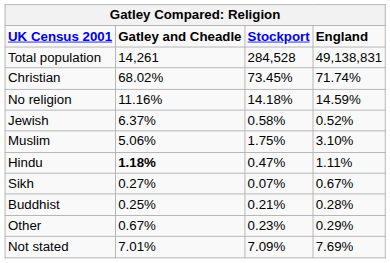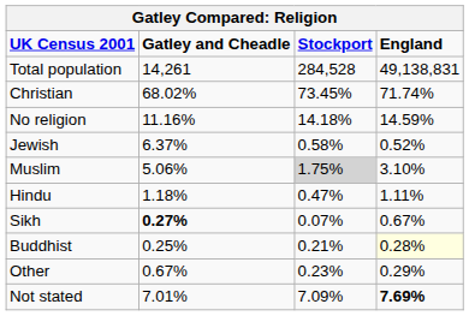 <table class="wikitable" style="float: right">
 <tr>
 <th colspan="5"><strong>Gatley Compared: Religion</strong></th>
 </tr>
 <tr>
 <td><strong><a href='#'>UK Census 2001</a></strong></td>
 <td><strong>Gatley and Cheadle</strong></td>
 <td><strong><a href='#'>Stockport</a></strong></td>
 <td><strong>England</strong></td>
 </tr>
 <tr>
 <td>Total population</td>
 <td>14,261</td>
 <td>284,528</td>
 <td>49,138,831</td>
 </tr>
 <tr>
 <td>Christian</td>
 <td>68.02%</td>
 <td>73.45%</td>
 <td>71.74%</td>
 </tr>
 <tr>
 <td>No religion</td>
 <td>11.16%</td>
 <td>14.18%</td>
 <td>14.59%</td>
 </tr>
 <tr>
 <td>Jewish</td>
 <td>6.37%</td>
 <td>0.58%</td>
 <td>0.52%</td>
 </tr>
 <tr>
 <td>Muslim</td>
 <td>5.06%</td>
-<td>1.75%</td>
+<td style="background: lightgrey;">1.75%</td>
 <td>3.10%</td>
 </tr>
 <tr>
 <td>Hindu</td>
-<td><strong>1.18%</strong></td>
+<td>1.18%</td>
 <td>0.47%</td>
 <td>1.11%</td>
 </tr>
 <tr>
 <td>Sikh</td>
-<td>0.27%</td>
+<td><strong>0.27%</strong></td>
 <td>0.07%</td>
 <td>0.67%</td>
 </tr>
 <tr>
 <td>Buddhist</td>
 <td>0.25%</td>
 <td>0.21%</td>
-<td>0.28%</td>
+<td style="background: lightyellow;">0.28%</td>
 </tr>
 <tr>
 <td>Other</td>
 <td>0.67%</td>
 <td>0.23%</td>
 <td>0.29%</td>
 </tr>
 <tr>
 <td>Not stated</td>
 <td>7.01%</td>
 <td>7.09%</td>
-<td>7.69%</td>
+<td><strong>7.69%</strong></td>
 </tr>
 </table>
